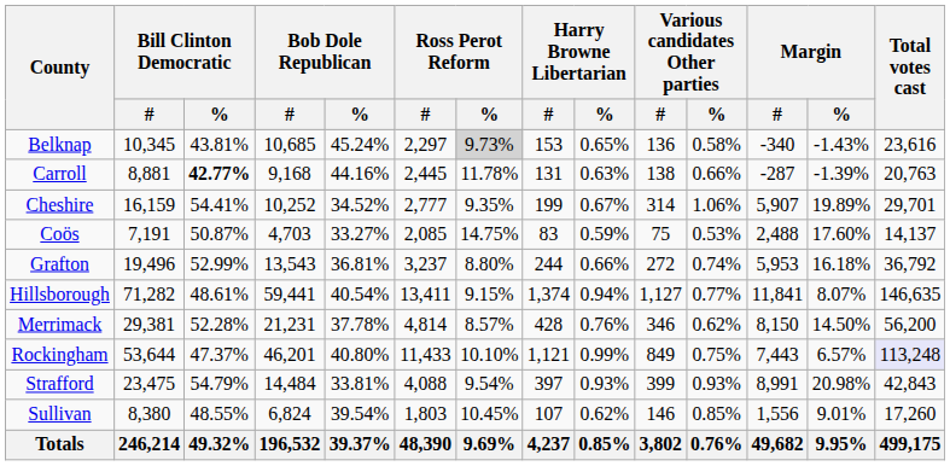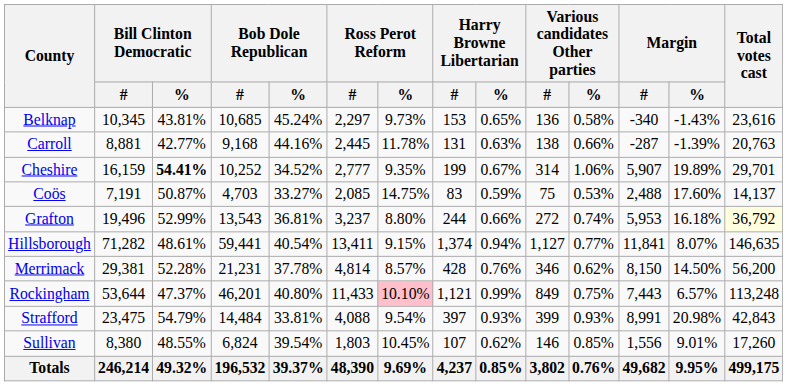 <table class="wikitable sortable">
 <tr>
 <th rowspan="2">County</th>
 <th colspan="2">Bill Clinton<br>Democratic</th>
 <th colspan="2">Bob Dole<br>Republican</th>
 <th colspan="2">Ross Perot<br>Reform</th>
 <th colspan="2">Harry Browne<br>Libertarian</th>
 <th colspan="2">Various candidates<br>Other parties</th>
 <th colspan="2">Margin</th>
 <th rowspan="2">Total votes cast</th>
 </tr>
 <tr bgcolor="lightgrey">
 <th data-sort-type="number">#</th>
 <th data-sort-type="number">%</th>
 <th data-sort-type="number">#</th>
 <th data-sort-type="number">%</th>
 <th data-sort-type="number">#</th>
 <th data-sort-type="number">%</th>
 <th data-sort-type="number">#</th>
 <th data-sort-type="number">%</th>
 <th data-sort-type="number">#</th>
 <th data-sort-type="number">%</th>
 <th data-sort-type="number">#</th>
 <th data-sort-type="number">%</th>
 </tr>
 <tr style="text-align:center;">
 <td><a href='#'>Belknap</a></td>
 <td>10,345</td>
 <td>43.81%</td>
 <td>10,685</td>
 <td>45.24%</td>
 <td>2,297</td>
-<td style="background: lightgrey;">9.73%</td>
+<td>9.73%</td>
 <td>153</td>
 <td>0.65%</td>
 <td>136</td>
 <td>0.58%</td>
 <td>-340</td>
 <td>-1.43%</td>
 <td>23,616</td>
 </tr>
 <tr style="text-align:center;">
 <td><a href='#'>Carroll</a></td>
 <td>8,881</td>
-<td><strong>42.77%</strong></td>
+<td>42.77%</td>
 <td>9,168</td>
 <td>44.16%</td>
 <td>2,445</td>
 <td>11.78%</td>
 <td>131</td>
 <td>0.63%</td>
 <td>138</td>
 <td>0.66%</td>
 <td>-287</td>
 <td>-1.39%</td>
 <td>20,763</td>
 </tr>
 <tr style="text-align:center;">
 <td><a href='#'>Cheshire</a></td>
 <td>16,159</td>
-<td>54.41%</td>
+<td><strong>54.41%</strong></td>
 <td>10,252</td>
 <td>34.52%</td>
 <td>2,777</td>
 <td>9.35%</td>
 <td>199</td>
 <td>0.67%</td>
 <td>314</td>
 <td>1.06%</td>
 <td>5,907</td>
 <td>19.89%</td>
 <td>29,701</td>
 </tr>
 <tr style="text-align:center;">
 <td><a href='#'>Coös</a></td>
 <td>7,191</td>
 <td>50.87%</td>
 <td>4,703</td>
 <td>33.27%</td>
 <td>2,085</td>
 <td>14.75%</td>
 <td>83</td>
 <td>0.59%</td>
 <td>75</td>
 <td>0.53%</td>
 <td>2,488</td>
 <td>17.60%</td>
 <td>14,137</td>
 </tr>
 <tr style="text-align:center;">
 <td><a href='#'>Grafton</a></td>
 <td>19,496</td>
 <td>52.99%</td>
 <td>13,543</td>
 <td>36.81%</td>
 <td>3,237</td>
 <td>8.80%</td>
 <td>244</td>
 <td>0.66%</td>
 <td>272</td>
 <td>0.74%</td>
 <td>5,953</td>
 <td>16.18%</td>
-<td>36,792</td>
+<td style="background: lightyellow;">36,792</td>
 </tr>
 <tr style="text-align:center;">
 <td><a href='#'>Hillsborough</a></td>
 <td>71,282</td>
 <td>48.61%</td>
 <td>59,441</td>
 <td>40.54%</td>
 <td>13,411</td>
 <td>9.15%</td>
 <td>1,374</td>
 <td>0.94%</td>
 <td>1,127</td>
 <td>0.77%</td>
 <td>11,841</td>
 <td>8.07%</td>
 <td>146,635</td>
 </tr>
 <tr style="text-align:center;">
 <td><a href='#'>Merrimack</a></td>
 <td>29,381</td>
 <td>52.28%</td>
 <td>21,231</td>
 <td>37.78%</td>
 <td>4,814</td>
 <td>8.57%</td>
 <td>428</td>
 <td>0.76%</td>
 <td>346</td>
 <td>0.62%</td>
 <td>8,150</td>
 <td>14.50%</td>
 <td>56,200</td>
 </tr>
 <tr style="text-align:center;">
 <td><a href='#'>Rockingham</a></td>
 <td>53,644</td>
 <td>47.37%</td>
 <td>46,201</td>
 <td>40.80%</td>
 <td>11,433</td>
-<td>10.10%</td>
+<td style="background: pink;">10.10%</td>
 <td>1,121</td>
 <td>0.99%</td>
 <td>849</td>
 <td>0.75%</td>
 <td>7,443</td>
 <td>6.57%</td>
-<td style="background: lavender;">113,248</td>
+<td>113,248</td>
 </tr>
 <tr style="text-align:center;">
 <td><a href='#'>Strafford</a></td>
 <td>23,475</td>
 <td>54.79%</td>
 <td>14,484</td>
 <td>33.81%</td>
 <td>4,088</td>
 <td>9.54%</td>
 <td>397</td>
 <td>0.93%</td>
 <td>399</td>
 <td>0.93%</td>
 <td>8,991</td>
 <td>20.98%</td>
 <td>42,843</td>
 </tr>
 <tr style="text-align:center;">
 <td><a href='#'>Sullivan</a></td>
 <td>8,380</td>
 <td>48.55%</td>
 <td>6,824</td>
 <td>39.54%</td>
 <td>1,803</td>
 <td>10.45%</td>
 <td>107</td>
 <td>0.62%</td>
 <td>146</td>
 <td>0.85%</td>
 <td>1,556</td>
 <td>9.01%</td>
 <td>17,260</td>
 </tr>
 <tr>
 <th>Totals</th>
 <th>246,214</th>
 <th>49.32%</th>
 <th>196,532</th>
 <th>39.37%</th>
 <th>48,390</th>
 <th>9.69%</th>
 <th>4,237</th>
 <th>0.85%</th>
 <th>3,802</th>
 <th>0.76%</th>
 <th>49,682</th>
 <th>9.95%</th>
 <th>499,175</th>
 </tr>
 </table>
